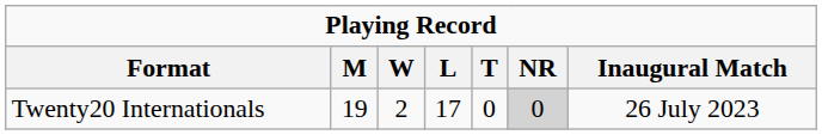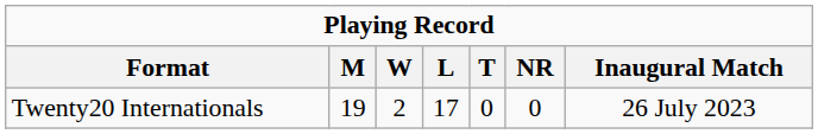 <table class="wikitable" style="text-align: center; width: 500px;">
 <tr>
 <td colspan=7 align="center"><strong>Playing Record</strong></td>
 </tr>
 <tr>
 <th>Format</th>
 <th>M</th>
 <th>W</th>
 <th>L</th>
 <th>T</th>
 <th>NR</th>
 <th>Inaugural Match</th>
 </tr>
 <tr>
 <td align="left">Twenty20 Internationals</td>
 <td>19</td>
 <td>2</td>
 <td>17</td>
 <td>0</td>
-<td style="background: lightgrey;">0</td>
+<td>0</td>
 <td>26 July 2023</td>
 </tr>
 </table>
